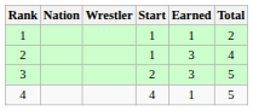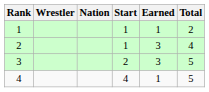 <table class="wikitable sortable" style="text-align:center;">
 <tr>
 <th>Rank</th>
+<th>Wrestler</th>
 <th>Nation</th>
-<th>Wrestler</th>
 <th>Start</th>
 <th>Earned</th>
 <th>Total</th>
 </tr>
 <tr style="background:#cfc;">
 <td>1</td>
 <td align=left></td>
 <td align=left></td>
 <td>1</td>
 <td>1</td>
 <td>2</td>
 </tr>
 <tr style="background:#cfc;">
 <td>2</td>
 <td align=left></td>
 <td align=left></td>
 <td>1</td>
 <td>3</td>
 <td>4</td>
 </tr>
 <tr style="background:#cfc;">
 <td>3</td>
 <td align=left></td>
 <td align=left></td>
 <td>2</td>
 <td>3</td>
 <td>5</td>
 </tr>
 <tr>
 <td>4</td>
 <td align=left></td>
 <td align=left></td>
 <td>4</td>
 <td>1</td>
 <td>5</td>
 </tr>
 </table>
